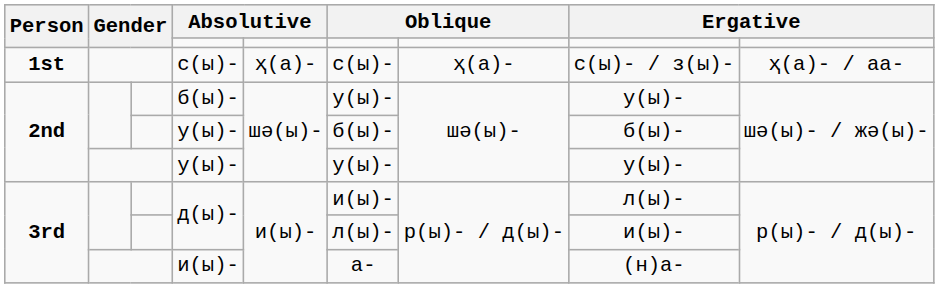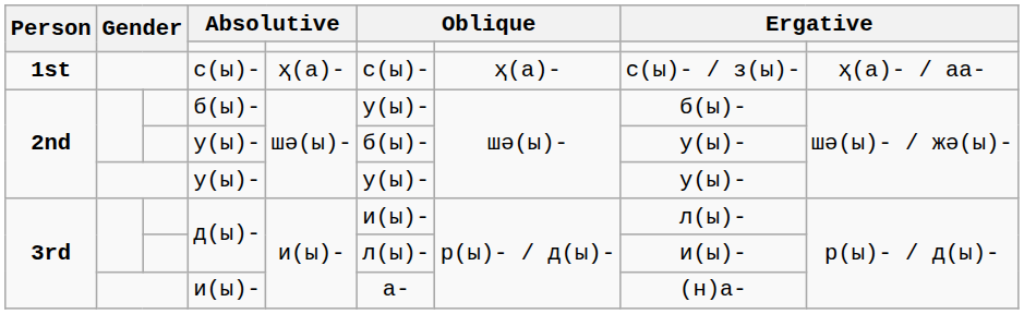 <table class="wikitable" style="text-align:center">
 <tr style="font-weight:bold; text-align:center;">
 <th rowspan="2">Person</th>
 <th rowspan="2" colspan="2">Gender</th>
 <th colspan="2">Absolutive</th>
 <th colspan="2">Oblique</th>
 <th colspan="2">Ergative</th>
 </tr>
 <tr>
 <td style="font-weight:bold;"></td>
 <td style="font-weight:bold;"></td>
 <td style="font-weight:bold;"></td>
 <td style="font-weight:bold;"></td>
 <td style="font-weight:bold;"></td>
 <td style="font-weight:bold;"></td>
 </tr>
 <tr>
 <td style="font-weight:bold; text-align:center;">1st</td>
 <td colspan="2" style="text-align:center;"> </td>
 <td>с(ы)-</td>
 <td>ҳ(а)-</td>
 <td>с(ы)-</td>
 <td>ҳ(а)-</td>
 <td>с(ы)- / з(ы)-</td>
 <td>ҳ(а)- / аа-</td>
 </tr>
 <tr>
 <td rowspan="3" style="font-weight:bold; text-align:center;">2nd</td>
 <td rowspan="2" style="font-weight:bold; text-align:center;"></td>
 <td style="font-weight:bold; text-align:center;"></td>
 <td>б(ы)-</td>
 <td rowspan="3" style="text-align:center;">шә(ы)-</td>
 <td>у(ы)-</td>
 <td rowspan="3" style="text-align:center;">шә(ы)-</td>
-<td>у(ы)-</td>
+<td>б(ы)-</td>
 <td rowspan="3" style="text-align:center;">шә(ы)- / жә(ы)-</td>
 </tr>
 <tr>
 <td style="font-weight:bold; text-align:center;"></td>
 <td>у(ы)-</td>
 <td>б(ы)-</td>
-<td>б(ы)-</td>
+<td>у(ы)-</td>
 </tr>
 <tr>
 <td colspan="2" style="font-weight:bold; text-align:center;"></td>
 <td>у(ы)-</td>
 <td>у(ы)-</td>
 <td>у(ы)-</td>
 </tr>
 <tr>
 <td rowspan="3" style="font-weight:bold; text-align:center;">3rd</td>
 <td rowspan="2" style="font-weight:bold; text-align:center;"></td>
 <td style="font-weight:bold; text-align:center;"></td>
 <td rowspan="2" style="text-align:center;">д(ы)-</td>
 <td rowspan="3" style="text-align:center;">и(ы)-</td>
 <td>и(ы)-</td>
 <td rowspan="3" style="text-align:center;">р(ы)- / д(ы)-</td>
 <td>л(ы)-</td>
 <td rowspan="3" style="text-align:center;">р(ы)- / д(ы)-</td>
 </tr>
 <tr>
 <td style="font-weight:bold; text-align:center;"></td>
 <td>л(ы)-</td>
 <td>и(ы)-</td>
 </tr>
 <tr style="text-align:center;">
 <td colspan="2" style="font-weight:bold;"></td>
 <td style="text-align:center;">и(ы)-</td>
 <td style="text-align:center;">а-</td>
 <td style="text-align:center;">(н)а-</td>
 </tr>
 </table>
